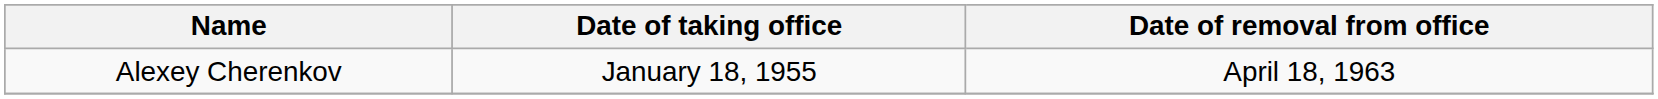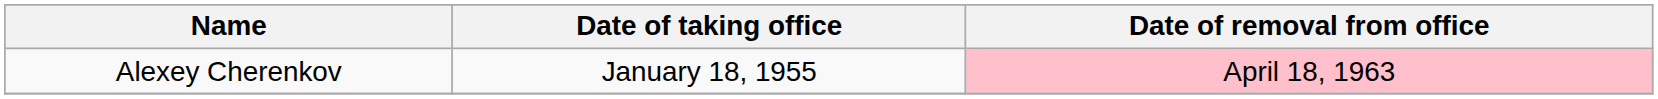 <table class="wikitable" style="text-align:center" width=75%>
 <tr>
 <th width=250px>Name</th>
 <th>Date of taking office</th>
 <th>Date of removal from office</th>
 </tr>
 <tr>
 <td>Alexey Cherenkov</td>
 <td>January 18, 1955</td>
-<td>April 18, 1963</td>
+<td style="background: pink;">April 18, 1963</td>
 </tr>
 <tr>
 </tr>
 </table>
